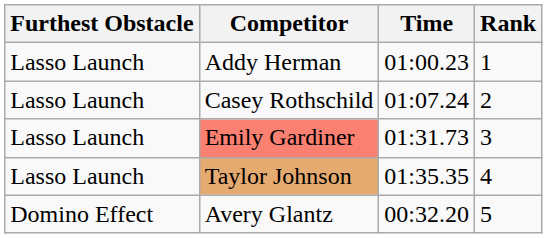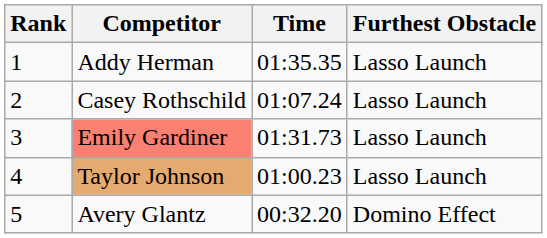 <table class="wikitable sortable mw-collapsible" style="display: inline-table;">
 <tr>
-<th>Furthest Obstacle</th>
+<th>Rank</th>
 <th>Competitor</th>
 <th>Time</th>
-<th>Rank</th>
+<th>Furthest Obstacle</th>
 </tr>
 <tr>
+<td>1</td>
+<td>Addy Herman</td>
+<td>01:35.35</td>
 <td>Lasso Launch</td>
-<td>Addy Herman</td>
-<td>01:00.23</td>
-<td>1</td>
 </tr>
 <tr>
-<td>Lasso Launch</td>
+<td>2</td>
 <td>Casey Rothschild</td>
 <td>01:07.24</td>
-<td>2</td>
+<td>Lasso Launch</td>
 </tr>
 <tr>
-<td>Lasso Launch</td>
+<td>3</td>
 <td style="background-color:#FA8072">Emily Gardiner</td>
 <td>01:31.73</td>
-<td>3</td>
+<td>Lasso Launch</td>
 </tr>
 <tr>
+<td>4</td>
+<td style="background-color:#E5AA70">Taylor Johnson</td>
+<td>01:00.23</td>
 <td>Lasso Launch</td>
-<td style="background-color:#E5AA70">Taylor Johnson</td>
-<td>01:35.35</td>
-<td>4</td>
 </tr>
 <tr>
-<td>Domino Effect</td>
+<td>5</td>
 <td>Avery Glantz</td>
 <td>00:32.20</td>
-<td>5</td>
+<td>Domino Effect</td>
 </tr>
 </table>
